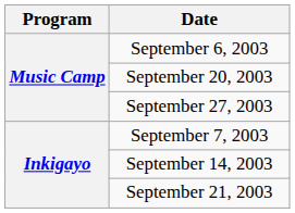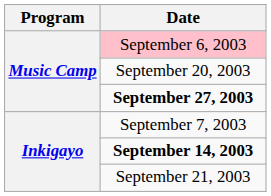 <table class="wikitable plainrowheaders" style="text-align:center">
 <tr>
 <th>Program</th>
 <th width="150">Date</th>
 </tr>
 <tr>
 <th scope="row" rowspan="3"><em><a href='#'>Music Camp</a></em></th>
-<td>September 6, 2003</td>
+<td style="background: pink;">September 6, 2003</td>
 </tr>
 <tr>
 <td>September 20, 2003</td>
 </tr>
 <tr>
-<td>September 27, 2003</td>
+<td><strong>September 27, 2003</strong></td>
 </tr>
 <tr>
 <th scope="row" rowspan="3"><em><a href='#'>Inkigayo</a></em></th>
 <td>September 7, 2003</td>
 </tr>
 <tr>
-<td>September 14, 2003</td>
+<td><strong>September 14, 2003</strong></td>
 </tr>
 <tr>
 <td>September 21, 2003</td>
 </tr>
 </table>
